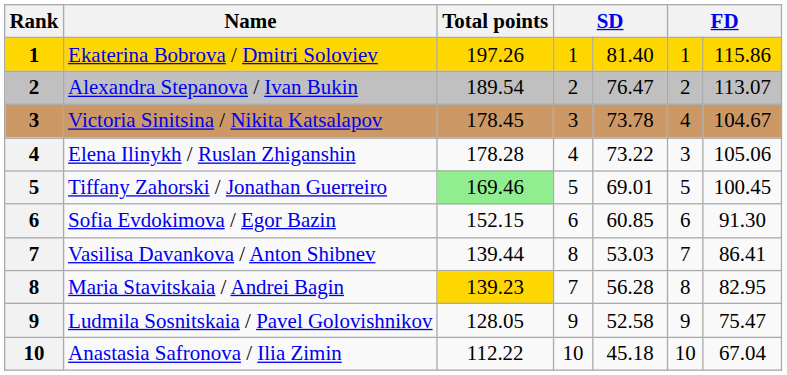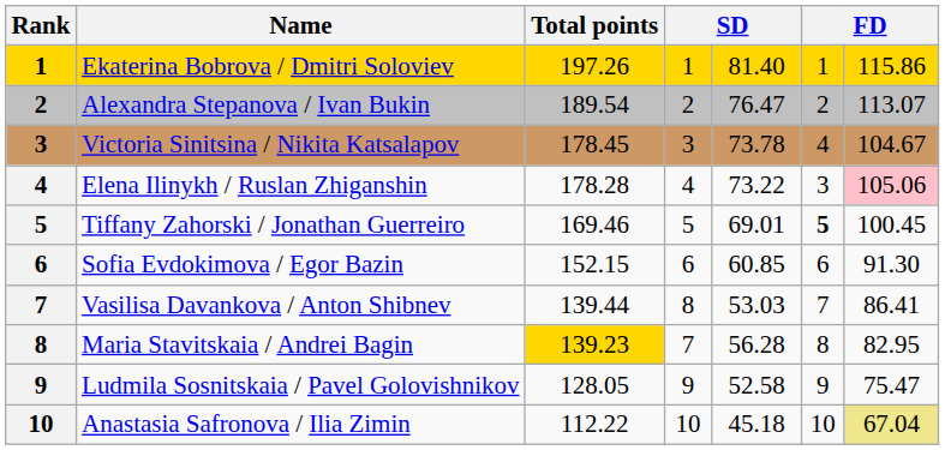 <table class="wikitable sortable">
 <tr>
 <th>Rank</th>
 <th>Name</th>
 <th>Total points</th>
 <th colspan="2" width="80px"><a href='#'>SD</a></th>
 <th colspan="2" width="80px"><a href='#'>FD</a></th>
 </tr>
 <tr bgcolor="gold">
 <td align="center"><strong>1</strong></td>
 <td><a href='#'>Ekaterina Bobrova</a> / <a href='#'>Dmitri Soloviev</a></td>
 <td align="center">197.26</td>
 <td align="center">1</td>
 <td align="center">81.40</td>
 <td align="center">1</td>
 <td align="center">115.86</td>
 </tr>
 <tr bgcolor="silver">
 <td align="center"><strong>2</strong></td>
 <td><a href='#'>Alexandra Stepanova</a> / <a href='#'>Ivan Bukin</a></td>
 <td align="center">189.54</td>
 <td align="center">2</td>
 <td align="center">76.47</td>
 <td align="center">2</td>
 <td align="center">113.07</td>
 </tr>
 <tr bgcolor="cc9966">
 <td align="center"><strong>3</strong></td>
 <td><a href='#'>Victoria Sinitsina</a> / <a href='#'>Nikita Katsalapov</a></td>
 <td align="center">178.45</td>
 <td align="center">3</td>
 <td align="center">73.78</td>
 <td align="center">4</td>
 <td align="center">104.67</td>
 </tr>
 <tr>
 <th>4</th>
 <td><a href='#'>Elena Ilinykh</a> / <a href='#'>Ruslan Zhiganshin</a></td>
 <td align="center">178.28</td>
 <td align="center">4</td>
 <td align="center">73.22</td>
 <td align="center">3</td>
-<td align="center">105.06</td>
+<td align="center" style="background: pink;">105.06</td>
 </tr>
 <tr>
 <th>5</th>
 <td><a href='#'>Tiffany Zahorski</a> / <a href='#'>Jonathan Guerreiro</a></td>
-<td align="center" style="background: lightgreen;">169.46</td>
+<td align="center">169.46</td>
 <td align="center">5</td>
 <td align="center">69.01</td>
-<td align="center">5</td>
+<td align="center"><strong>5</strong></td>
 <td align="center">100.45</td>
 </tr>
 <tr>
 <th>6</th>
 <td><a href='#'>Sofia Evdokimova</a> / <a href='#'>Egor Bazin</a></td>
 <td align="center">152.15</td>
 <td align="center">6</td>
 <td align="center">60.85</td>
 <td align="center">6</td>
 <td align="center">91.30</td>
 </tr>
 <tr>
 <th>7</th>
 <td><a href='#'>Vasilisa Davankova</a> / <a href='#'>Anton Shibnev</a></td>
 <td align="center">139.44</td>
 <td align="center">8</td>
 <td align="center">53.03</td>
 <td align="center">7</td>
 <td align="center">86.41</td>
 </tr>
 <tr>
 <th>8</th>
 <td><a href='#'>Maria Stavitskaia</a> / <a href='#'>Andrei Bagin</a></td>
 <td align="center" style="background: gold;">139.23</td>
 <td align="center">7</td>
 <td align="center">56.28</td>
 <td align="center">8</td>
 <td align="center">82.95</td>
 </tr>
 <tr>
 <th>9</th>
 <td><a href='#'>Ludmila Sosnitskaia</a> / <a href='#'>Pavel Golovishnikov</a></td>
 <td align="center">128.05</td>
 <td align="center">9</td>
 <td align="center">52.58</td>
 <td align="center">9</td>
 <td align="center">75.47</td>
 </tr>
 <tr>
 <th>10</th>
 <td><a href='#'>Anastasia Safronova</a> / <a href='#'>Ilia Zimin</a></td>
 <td align="center">112.22</td>
 <td align="center">10</td>
 <td align="center">45.18</td>
 <td align="center">10</td>
-<td align="center">67.04</td>
+<td align="center" style="background: khaki;">67.04</td>
 </tr>
 </table>
